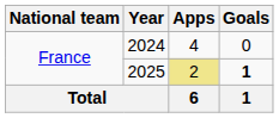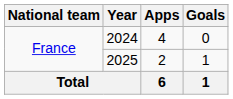 <table class="wikitable" style="text-align: center;">
 <tr>
 <th>National team</th>
 <th>Year</th>
 <th>Apps</th>
 <th>Goals</th>
 </tr>
 <tr>
 <td rowspan="2"><a href='#'>France</a></td>
 <td>2024</td>
 <td>4</td>
 <td>0</td>
 </tr>
 <tr>
 <td>2025</td>
-<td style="background: khaki;">2</td>
-<td><strong>1</strong></td>
+<td>2</td>
+<td>1</td>
 </tr>
 <tr>
 <th colspan="2">Total</th>
 <th>6</th>
 <th>1</th>
 </tr>
 </table>
